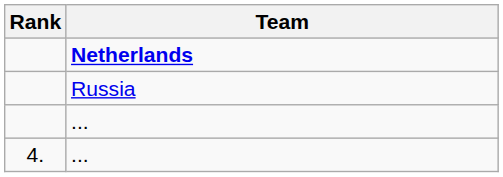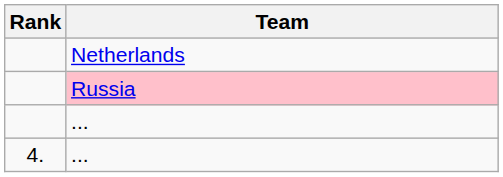 <table class="wikitable" style="font-size:95%;">
 <tr>
 <th>Rank</th>
 <th align="left" style="width: 20em">Team</th>
 </tr>
 <tr>
 <td align="center"></td>
-<td><strong> <a href='#'>Netherlands</a></strong></td>
+<td> <a href='#'>Netherlands</a></td>
 </tr>
 <tr>
 <td align="center"></td>
-<td> <a href='#'>Russia</a></td>
+<td style="background: pink;"> <a href='#'>Russia</a></td>
 </tr>
 <tr>
 <td align="center"></td>
 <td>...</td>
 </tr>
 <tr>
 <td align="center">4.</td>
 <td>...</td>
 </tr>
 </table>
